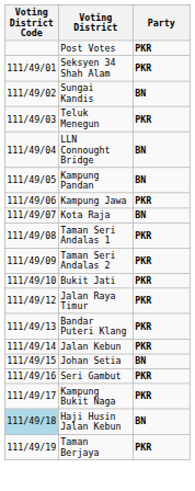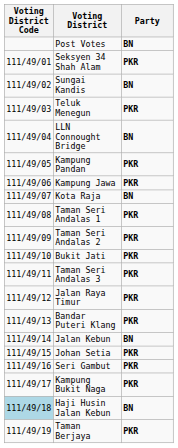 <table class ="wikitable sortable">
 <tr>
 <th style="width:30px;">Voting District Code</th>
 <th style="width:100px;">Voting District</th>
 <th style="width:75px;">Party</th>
 </tr>
 <tr>
 <td></td>
 <td>Post Votes</td>
-<td><strong>PKR</strong></td>
+<td><strong>BN</strong></td>
 </tr>
 <tr>
 <td>111/49/01</td>
 <td>Seksyen 34 Shah Alam</td>
 <td><strong>PKR</strong></td>
 </tr>
 <tr>
 <td>111/49/02</td>
 <td>Sungai Kandis</td>
 <td><strong>BN</strong></td>
 </tr>
 <tr>
 <td>111/49/03</td>
 <td>Teluk Menegun</td>
 <td><strong>PKR</strong></td>
 </tr>
 <tr>
 <td>111/49/04</td>
 <td>LLN Connought Bridge</td>
 <td><strong>BN</strong></td>
 </tr>
 <tr>
 <td>111/49/05</td>
 <td>Kampung Pandan</td>
-<td><strong>BN</strong></td>
+<td><strong>PKR</strong></td>
 </tr>
 <tr>
 <td>111/49/06</td>
 <td>Kampung Jawa</td>
 <td><strong>PKR</strong></td>
 </tr>
 <tr>
 <td>111/49/07</td>
 <td>Kota Raja</td>
 <td><strong>BN</strong></td>
 </tr>
 <tr>
 <td>111/49/08</td>
 <td>Taman Seri Andalas 1</td>
 <td><strong>PKR</strong></td>
 </tr>
 <tr>
 <td>111/49/09</td>
 <td>Taman Seri Andalas 2</td>
 <td><strong>PKR</strong></td>
 </tr>
 <tr>
 <td>111/49/10</td>
 <td>Bukit Jati</td>
 <td><strong>PKR</strong></td>
 </tr>
 <tr>
+<td>111/49/11</td>
+<td>Taman Seri Andalas 3</td>
+<td><strong>PKR</strong></td>
+</tr>
+<tr>
 <td>111/49/12</td>
 <td>Jalan Raya Timur</td>
 <td><strong>PKR</strong></td>
 </tr>
 <tr>
 <td>111/49/13</td>
 <td>Bandar Puteri Klang</td>
 <td><strong>PKR</strong></td>
 </tr>
 <tr>
 <td>111/49/14</td>
 <td>Jalan Kebun</td>
-<td><strong>PKR</strong></td>
+<td><strong>BN</strong></td>
 </tr>
 <tr>
 <td>111/49/15</td>
 <td>Johan Setia</td>
-<td><strong>BN</strong></td>
+<td><strong>PKR</strong></td>
 </tr>
 <tr>
 <td>111/49/16</td>
 <td>Seri Gambut</td>
 <td><strong>PKR</strong></td>
 </tr>
 <tr>
 <td>111/49/17</td>
 <td>Kampung Bukit Naga</td>
 <td><strong>PKR</strong></td>
 </tr>
 <tr>
 <td style="background: lightblue;">111/49/18</td>
 <td>Haji Husin Jalan Kebun</td>
 <td><strong>BN</strong></td>
 </tr>
 <tr>
 <td>111/49/19</td>
 <td>Taman Berjaya</td>
 <td><strong>PKR</strong></td>
 </tr>
 </table>
